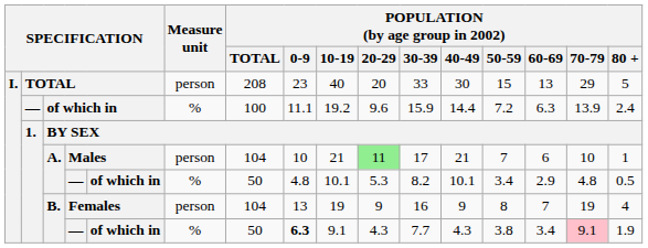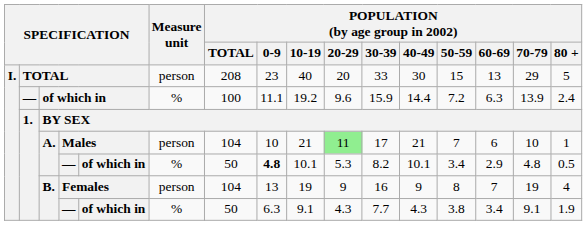 <table class="wikitable" style="font-size:85%; text-align:center">
 <tr>
 <th rowspan="2" colspan="5">SPECIFICATION</th>
 <th rowspan="2">Measure<br> unit</th>
 <th colspan="10" rowspan="1">POPULATION<br> (by age group in 2002)</th>
 </tr>
 <tr>
 <th>TOTAL</th>
 <th>0-9</th>
 <th>10-19</th>
 <th>20-29</th>
 <th>30-39</th>
 <th>40-49</th>
 <th>50-59</th>
 <th>60-69</th>
 <th>70-79</th>
 <th>80 +</th>
 </tr>
 <tr>
 <th style="text-align:left" valign="top" rowspan="7">I.</th>
 <th style="text-align:left" colspan="4">TOTAL</th>
 <td>person</td>
 <td>208</td>
 <td>23</td>
 <td>40</td>
 <td>20</td>
 <td>33</td>
 <td>30</td>
 <td>15</td>
 <td>13</td>
 <td>29</td>
 <td>5</td>
 </tr>
 <tr>
 <th style="text-align:left" valign="top">—</th>
 <th style="text-align:left" colspan="3">of which in</th>
 <td>%</td>
 <td>100</td>
 <td>11.1</td>
 <td>19.2</td>
 <td>9.6</td>
 <td>15.9</td>
 <td>14.4</td>
 <td>7.2</td>
 <td>6.3</td>
 <td>13.9</td>
 <td>2.4</td>
 </tr>
 <tr>
 <th style="text-align:left" valign="top" rowspan="5">1.</th>
 <th style="text-align:left" colspan="14">BY SEX</th>
 </tr>
 <tr>
 <th style="text-align:left" valign="top" rowspan="2">A.</th>
 <th style="text-align:left" colspan="2">Males</th>
 <td>person</td>
 <td>104</td>
 <td>10</td>
 <td>21</td>
 <td style="background: lightgreen;">11</td>
 <td>17</td>
 <td>21</td>
 <td>7</td>
 <td>6</td>
 <td>10</td>
 <td>1</td>
 </tr>
 <tr>
 <th style="text-align:left" valign="top">—</th>
 <th style="text-align:left" colspan="1">of which in</th>
 <td>%</td>
 <td>50</td>
-<td>4.8</td>
+<td><strong>4.8</strong></td>
 <td>10.1</td>
 <td>5.3</td>
 <td>8.2</td>
 <td>10.1</td>
 <td>3.4</td>
 <td>2.9</td>
 <td>4.8</td>
 <td>0.5</td>
 </tr>
 <tr>
 <th style="text-align:left" valign="top" rowspan="2">B.</th>
 <th style="text-align:left" colspan="2">Females</th>
 <td>person</td>
 <td>104</td>
 <td>13</td>
 <td>19</td>
 <td>9</td>
 <td>16</td>
 <td>9</td>
 <td>8</td>
 <td>7</td>
 <td>19</td>
 <td>4</td>
 </tr>
 <tr>
 <th style="text-align:left" valign="top">—</th>
 <th style="text-align:left" colspan="1">of which in</th>
 <td>%</td>
 <td>50</td>
-<td><strong>6.3</strong></td>
+<td>6.3</td>
 <td>9.1</td>
 <td>4.3</td>
 <td>7.7</td>
 <td>4.3</td>
 <td>3.8</td>
 <td>3.4</td>
-<td style="background: pink;">9.1</td>
+<td>9.1</td>
 <td>1.9</td>
 </tr>
 </table>
